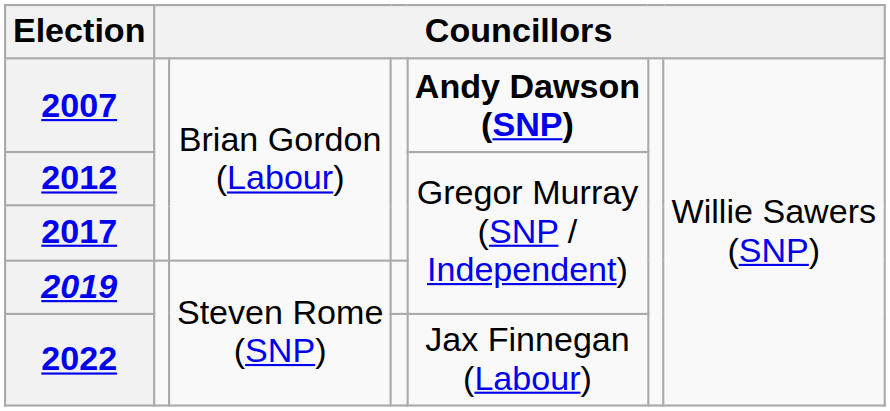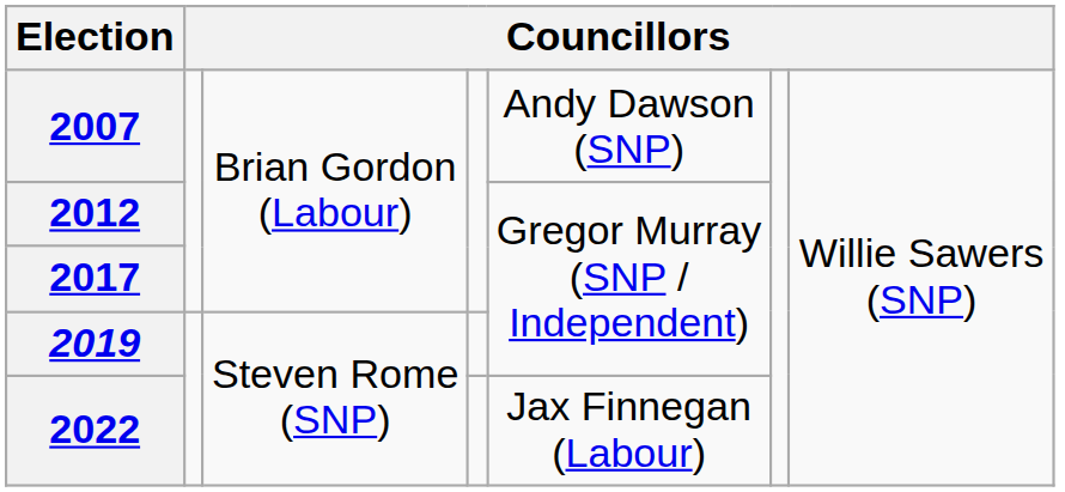 <table class="wikitable" style="text-align:center">
 <tr>
 <th>Election</th>
 <th colspan="8">Councillors</th>
 </tr>
 <tr>
 <th><a href='#'>2007</a></th>
 <td rowspan="3;" style="background-color: "></td>
 <td rowspan="3">Brian Gordon<br>(<a href='#'>Labour</a>)</td>
 <td rowspan="3;" style="background-color: "></td>
-<td rowspan="1"><strong>Andy Dawson<br>(<a href='#'>SNP</a>)</strong></td>
+<td rowspan="1">Andy Dawson<br>(<a href='#'>SNP</a>)</td>
 <td rowspan="5;" style="background-color: "></td>
 <td rowspan="5">Willie Sawers<br>(<a href='#'>SNP</a>)</td>
 </tr>
 <tr>
 <th><a href='#'>2012</a></th>
 <td rowspan="3">Gregor Murray<br>(<a href='#'>SNP</a> /<br><a href='#'>Independent</a>)</td>
 </tr>
 <tr>
 <th><a href='#'>2017</a></th>
 </tr>
 <tr>
 <th><em><a href='#'>2019</a></em></th>
 <td rowspan="2;" style="background-color: "></td>
 <td rowspan="2">Steven Rome<br>(<a href='#'>SNP</a>)</td>
 <td rowspan="1;" style="background-color: "></td>
 </tr>
 <tr>
 <th><a href='#'>2022</a></th>
 <td rowspan="1;" style="background-color: "></td>
 <td rowspan="2">Jax Finnegan<br>(<a href='#'>Labour</a>)</td>
 </tr>
 </table>
